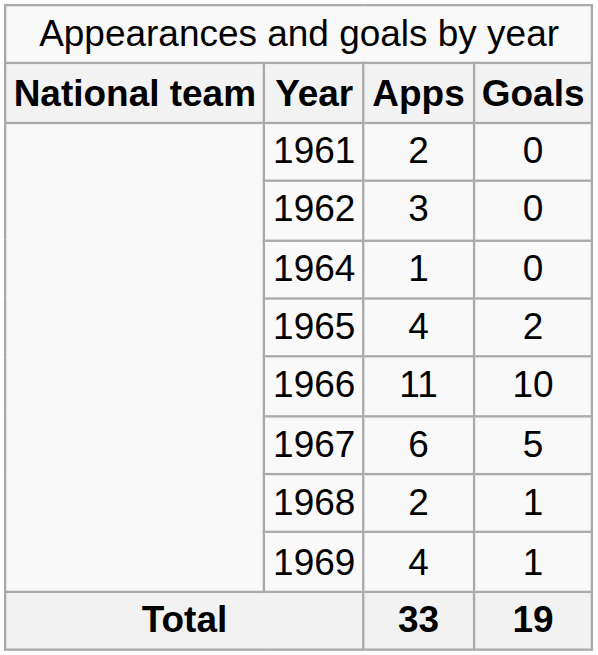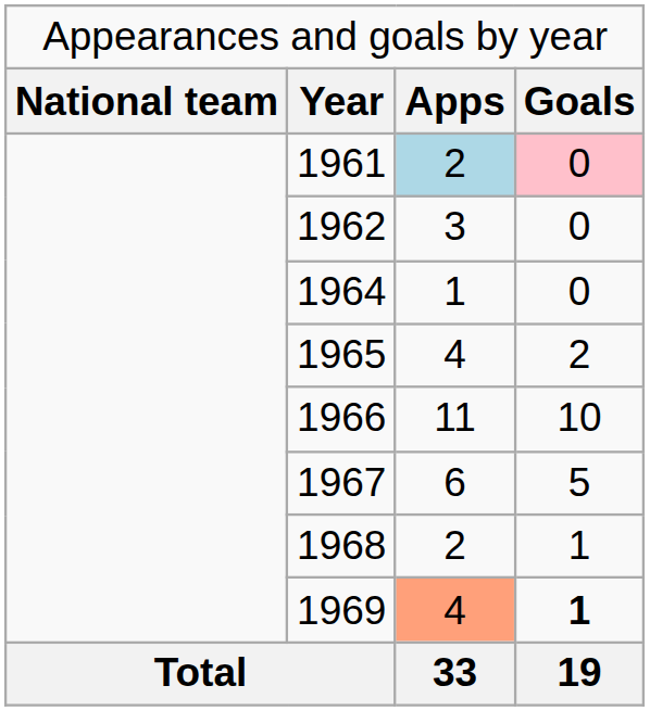 <table class="wikitable" style="text-align:center">
 <tr>
 <td colspan="4">Appearances and goals by year </td>
 </tr>
 <tr>
 <th>National team</th>
 <th>Year</th>
 <th>Apps</th>
 <th>Goals</th>
 </tr>
 <tr>
 <td rowspan="8"></td>
 <td>1961</td>
-<td>2</td>
-<td>0</td>
+<td style="background: lightblue;">2</td>
+<td style="background: pink;">0</td>
 </tr>
 <tr>
 <td>1962</td>
 <td>3</td>
 <td>0</td>
 </tr>
 <tr>
 <td>1964</td>
 <td>1</td>
 <td>0</td>
 </tr>
 <tr>
 <td>1965</td>
 <td>4</td>
 <td>2</td>
 </tr>
 <tr>
 <td>1966</td>
 <td>11</td>
 <td>10</td>
 </tr>
 <tr>
 <td>1967</td>
 <td>6</td>
 <td>5</td>
 </tr>
 <tr>
 <td>1968</td>
 <td>2</td>
 <td>1</td>
 </tr>
 <tr>
 <td>1969</td>
-<td>4</td>
-<td>1</td>
+<td style="background: lightsalmon;">4</td>
+<td><strong>1</strong></td>
 </tr>
 <tr>
 <th colspan="2">Total</th>
 <th>33</th>
 <th>19</th>
 </tr>
 </table>
